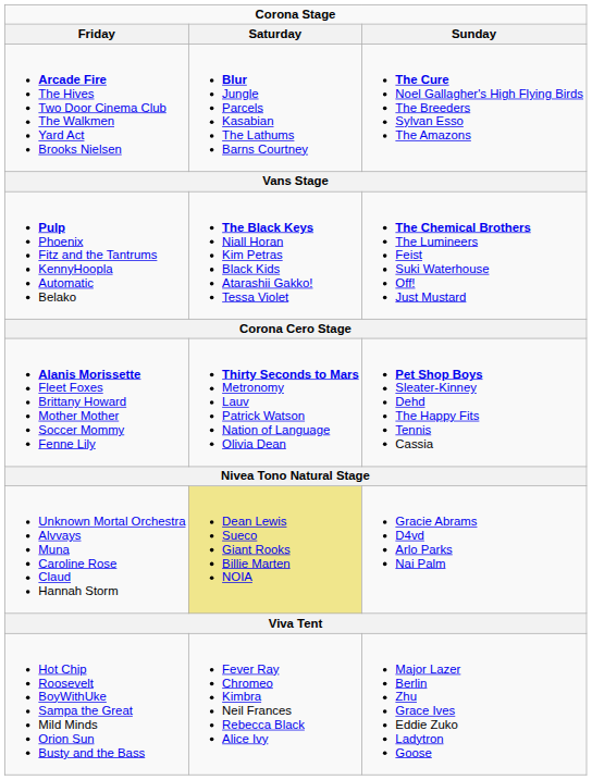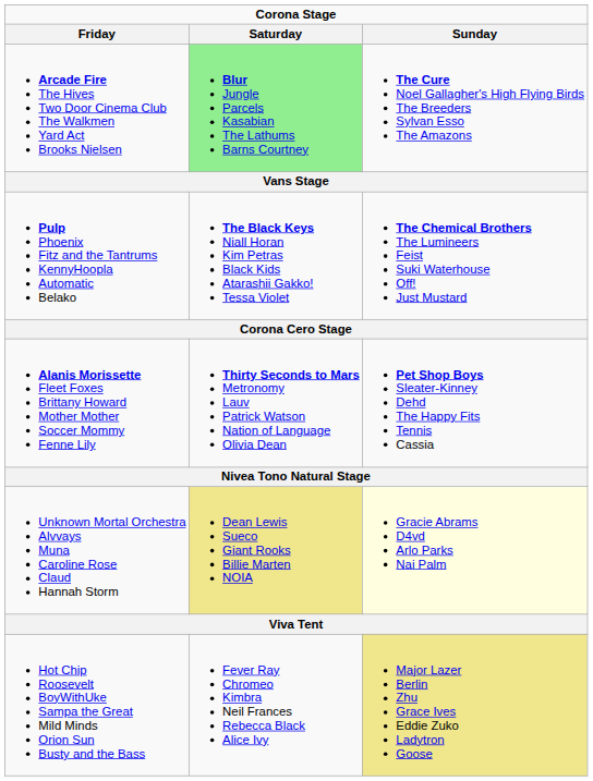 <table class="wikitable">
 <tr>
 <td colspan="3" align="center"><strong>Corona Stage</strong></td>
 </tr>
 <tr>
 <th>Friday</th>
 <th>Saturday</th>
 <th>Sunday</th>
 </tr>
 <tr valign="top">
 <td><br><ul><li><strong><a href='#'>Arcade Fire</a></strong></li><li><a href='#'>The Hives</a></li><li><a href='#'>Two Door Cinema Club</a></li><li><a href='#'>The Walkmen</a></li><li><a href='#'>Yard Act</a></li><li><a href='#'>Brooks Nielsen</a></li></ul></td>
-<td><br><ul><li><strong><a href='#'>Blur</a></strong></li><li><a href='#'>Jungle</a></li><li><a href='#'>Parcels</a></li><li><a href='#'>Kasabian</a></li><li><a href='#'>The Lathums</a></li><li><a href='#'>Barns Courtney</a></li></ul></td>
+<td style="background: lightgreen;"><br><ul><li><strong><a href='#'>Blur</a></strong></li><li><a href='#'>Jungle</a></li><li><a href='#'>Parcels</a></li><li><a href='#'>Kasabian</a></li><li><a href='#'>The Lathums</a></li><li><a href='#'>Barns Courtney</a></li></ul></td>
 <td><br><ul><li><strong><a href='#'>The Cure</a></strong></li><li><a href='#'>Noel Gallagher's High Flying Birds</a></li><li><a href='#'>The Breeders</a></li><li><a href='#'>Sylvan Esso</a></li><li><a href='#'>The Amazons</a></li></ul></td>
 </tr>
 <tr>
 <th colspan="3">Vans Stage</th>
 </tr>
 <tr valign="top">
 <td><br><ul><li><strong><a href='#'>Pulp</a></strong></li><li><a href='#'>Phoenix</a></li><li><a href='#'>Fitz and the Tantrums</a></li><li><a href='#'>KennyHoopla</a></li><li><a href='#'>Automatic</a></li><li>Belako</li></ul></td>
 <td><br><ul><li><strong><a href='#'>The Black Keys</a></strong></li><li><a href='#'>Niall Horan</a></li><li><a href='#'>Kim Petras</a></li><li><a href='#'>Black Kids</a></li><li><a href='#'>Atarashii Gakko!</a></li><li><a href='#'>Tessa Violet</a></li></ul></td>
 <td><br><ul><li><strong><a href='#'>The Chemical Brothers</a></strong></li><li><a href='#'>The Lumineers</a></li><li><a href='#'>Feist</a></li><li><a href='#'>Suki Waterhouse</a></li><li><a href='#'>Off!</a></li><li><a href='#'>Just Mustard</a></li></ul></td>
 </tr>
 <tr>
 <th colspan="3">Corona Cero Stage</th>
 </tr>
 <tr valign="top">
 <td><br><ul><li><strong><a href='#'>Alanis Morissette</a></strong></li><li><a href='#'>Fleet Foxes</a></li><li><a href='#'>Brittany Howard</a></li><li><a href='#'>Mother Mother</a></li><li><a href='#'>Soccer Mommy</a></li><li><a href='#'>Fenne Lily</a></li></ul></td>
 <td><br><ul><li><strong><a href='#'>Thirty Seconds to Mars</a></strong></li><li><a href='#'>Metronomy</a></li><li><a href='#'>Lauv</a></li><li><a href='#'>Patrick Watson</a></li><li><a href='#'>Nation of Language</a></li><li><a href='#'>Olivia Dean</a></li></ul></td>
 <td><br><ul><li><strong><a href='#'>Pet Shop Boys</a></strong></li><li><a href='#'>Sleater-Kinney</a></li><li><a href='#'>Dehd</a></li><li><a href='#'>The Happy Fits</a></li><li><a href='#'>Tennis</a></li><li>Cassia</li></ul></td>
 </tr>
 <tr>
 <th colspan="3">Nivea Tono Natural Stage</th>
 </tr>
 <tr valign="top">
 <td><br><ul><li><a href='#'>Unknown Mortal Orchestra</a></li><li><a href='#'>Alvvays</a></li><li><a href='#'>Muna</a></li><li><a href='#'>Caroline Rose</a></li><li><a href='#'>Claud</a></li><li>Hannah Storm</li></ul></td>
 <td style="background: khaki;"><br><ul><li><a href='#'>Dean Lewis</a></li><li><a href='#'>Sueco</a></li><li><a href='#'>Giant Rooks</a></li><li><a href='#'>Billie Marten</a></li><li><a href='#'>NOIA</a></li></ul></td>
-<td><br><ul><li><a href='#'>Gracie Abrams</a></li><li><a href='#'>D4vd</a></li><li><a href='#'>Arlo Parks</a></li><li><a href='#'>Nai Palm</a></li></ul></td>
+<td style="background: lightyellow;"><br><ul><li><a href='#'>Gracie Abrams</a></li><li><a href='#'>D4vd</a></li><li><a href='#'>Arlo Parks</a></li><li><a href='#'>Nai Palm</a></li></ul></td>
 </tr>
 <tr>
 <th colspan="3">Viva Tent</th>
 </tr>
 <tr valign="top">
 <td><br><ul><li><a href='#'>Hot Chip</a></li><li><a href='#'>Roosevelt</a></li><li><a href='#'>BoyWithUke</a></li><li><a href='#'>Sampa the Great</a></li><li>Mild Minds</li><li><a href='#'>Orion Sun</a></li><li><a href='#'>Busty and the Bass</a></li></ul></td>
 <td><br><ul><li><a href='#'>Fever Ray</a></li><li><a href='#'>Chromeo</a></li><li><a href='#'>Kimbra</a></li><li>Neil Frances</li><li><a href='#'>Rebecca Black</a></li><li><a href='#'>Alice Ivy</a></li></ul></td>
-<td><br><ul><li><a href='#'>Major Lazer</a></li><li><a href='#'>Berlin</a></li><li><a href='#'>Zhu</a></li><li><a href='#'>Grace Ives</a></li><li>Eddie Zuko</li><li><a href='#'>Ladytron</a></li><li><a href='#'>Goose</a></li></ul></td>
+<td style="background: khaki;"><br><ul><li><a href='#'>Major Lazer</a></li><li><a href='#'>Berlin</a></li><li><a href='#'>Zhu</a></li><li><a href='#'>Grace Ives</a></li><li>Eddie Zuko</li><li><a href='#'>Ladytron</a></li><li><a href='#'>Goose</a></li></ul></td>
 </tr>
 </table>
